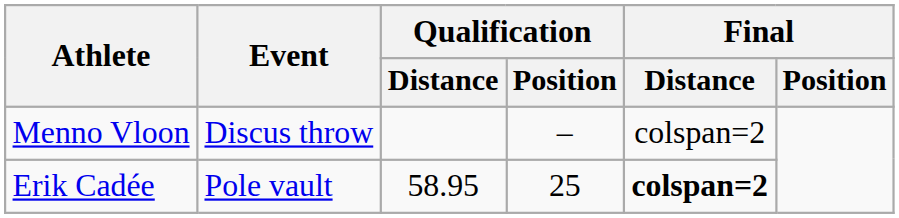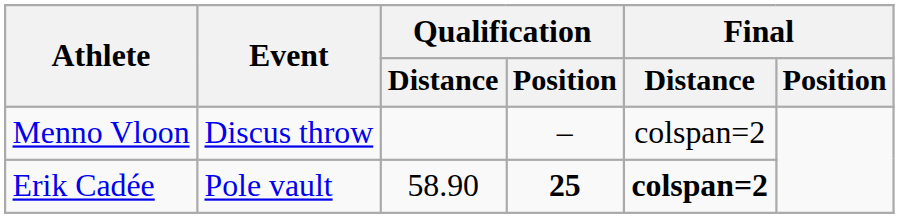 <table class=wikitable style="font-size:90%">
 <tr>
 <th rowspan="2">Athlete</th>
 <th rowspan="2">Event</th>
 <th colspan="2">Qualification</th>
 <th colspan="2">Final</th>
 </tr>
 <tr style="font-size:95%">
 <th>Distance</th>
 <th>Position</th>
 <th>Distance</th>
 <th>Position</th>
 </tr>
 <tr style=text-align:center>
 <td style=text-align:left><a href='#'>Menno Vloon</a></td>
 <td style=text-align:left><a href='#'>Discus throw</a></td>
 <td></td>
 <td>–</td>
 <td>colspan=2 </td>
 </tr>
 <tr style=text-align:center>
 <td style=text-align:left><a href='#'>Erik Cadée</a></td>
 <td style=text-align:left><a href='#'>Pole vault</a></td>
-<td>58.95</td>
-<td>25</td>
+<td>58.90</td>
+<td><strong>25</strong></td>
 <td><strong>colspan=2 </strong></td>
 </tr>
 </table>
